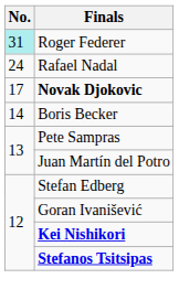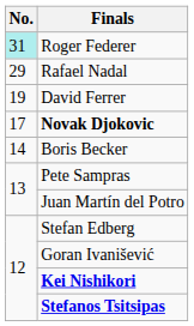 <table class="wikitable" style="display: inline-table;">
 <tr>
 <th width=20>No.</th>
 <th>Finals</th>
 </tr>
 <tr>
 <td style="background: paleturquoise;">31</td>
 <td> Roger Federer</td>
 </tr>
 <tr>
-<td>24</td>
+<td>29</td>
 <td> Rafael Nadal</td>
+</tr>
+<tr>
+<td>19</td>
+<td> David Ferrer</td>
 </tr>
 <tr>
 <td>17</td>
 <td> <strong>Novak Djokovic</strong></td>
 </tr>
 <tr>
 <td>14</td>
 <td> Boris Becker</td>
 </tr>
 <tr>
 <td rowspan="2">13</td>
 <td> Pete Sampras</td>
 </tr>
 <tr>
 <td> Juan Martín del Potro</td>
 </tr>
 <tr>
 <td rowspan="4">12</td>
 <td> Stefan Edberg</td>
 </tr>
 <tr>
 <td> Goran Ivanišević</td>
 </tr>
 <tr>
 <td> <strong><a href='#'>Kei Nishikori</a></strong></td>
 </tr>
 <tr>
 <td> <strong><a href='#'>Stefanos Tsitsipas</a></strong></td>
 </tr>
 </table>
